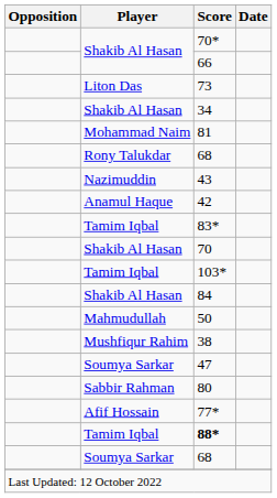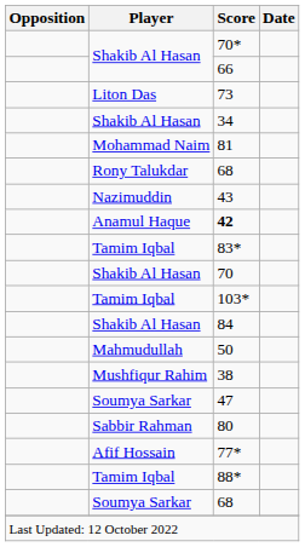 <table class="wikitable sortable">
 <tr>
 <th>Opposition</th>
 <th>Player</th>
 <th>Score</th>
 <th>Date</th>
 </tr>
 <tr>
 <td></td>
 <td rowspan=2><a href='#'>Shakib Al Hasan</a></td>
 <td>70*</td>
 <td></td>
 </tr>
 <tr>
 <td></td>
 <td>66</td>
 <td></td>
 </tr>
 <tr>
 <td></td>
 <td><a href='#'>Liton Das</a></td>
 <td>73</td>
 <td></td>
 </tr>
 <tr>
 <td></td>
 <td><a href='#'>Shakib Al Hasan</a></td>
 <td>34</td>
 <td></td>
 </tr>
 <tr>
 <td></td>
 <td><a href='#'>Mohammad Naim</a></td>
 <td>81</td>
 <td></td>
 </tr>
 <tr>
 <td></td>
 <td><a href='#'>Rony Talukdar</a></td>
 <td>68</td>
 <td></td>
 </tr>
 <tr>
 <td></td>
 <td><a href='#'>Nazimuddin</a></td>
 <td>43</td>
 <td></td>
 </tr>
 <tr>
 <td></td>
 <td><a href='#'>Anamul Haque</a></td>
-<td>42</td>
+<td><strong>42</strong></td>
 <td></td>
 </tr>
 <tr>
 <td></td>
 <td><a href='#'>Tamim Iqbal</a></td>
 <td>83*</td>
 <td></td>
 </tr>
 <tr>
 <td></td>
 <td><a href='#'>Shakib Al Hasan</a></td>
 <td>70</td>
 <td></td>
 </tr>
 <tr>
 <td></td>
 <td><a href='#'>Tamim Iqbal</a></td>
 <td>103*</td>
 <td></td>
 </tr>
 <tr>
 <td></td>
 <td><a href='#'>Shakib Al Hasan</a></td>
 <td>84</td>
 <td></td>
 </tr>
 <tr>
 <td></td>
 <td><a href='#'>Mahmudullah</a></td>
 <td>50</td>
 <td></td>
 </tr>
 <tr>
 <td></td>
 <td><a href='#'>Mushfiqur Rahim</a></td>
 <td>38</td>
 <td></td>
 </tr>
 <tr>
 <td></td>
 <td><a href='#'>Soumya Sarkar</a></td>
 <td>47</td>
 <td></td>
 </tr>
 <tr>
 <td></td>
 <td><a href='#'>Sabbir Rahman</a></td>
 <td>80</td>
 <td></td>
 </tr>
 <tr>
 <td></td>
 <td><a href='#'>Afif Hossain</a></td>
 <td>77*</td>
 <td></td>
 </tr>
 <tr>
 <td></td>
 <td><a href='#'>Tamim Iqbal</a></td>
-<td><strong>88*</strong></td>
+<td>88*</td>
 <td></td>
 </tr>
 <tr>
 <td></td>
 <td><a href='#'>Soumya Sarkar</a></td>
 <td>68</td>
 <td></td>
 </tr>
 <tr>
 </tr>
 <tr class=sortbottom>
 <td colspan=5><small>Last Updated: 12 October 2022</small></td>
 </tr>
 </table>
